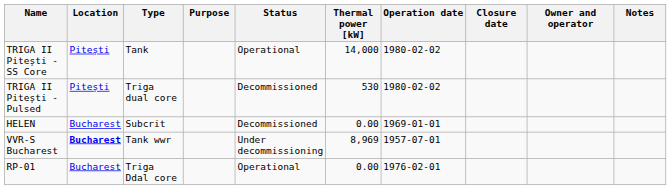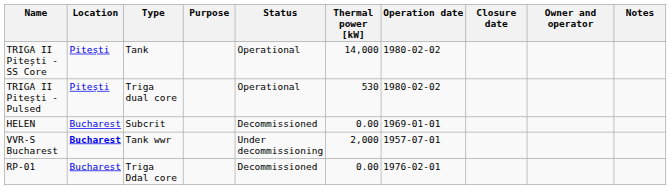 <table class="wikitable" >
 <tr valign="top">
 <th width="80">Name</th>
 <th width="65">Location</th>
 <th width="76">Type</th>
 <th width="65">Purpose</th>
 <th width="91">Status</th>
 <th width="70“">Thermal power [kW]</th>
 <th width=„67“>Operation date</th>
 <th width="78“">Closure date</th>
 <th width="113“">Owner and operator</th>
 <th width="65">Notes</th>
 </tr>
 <tr valign="top">
 <td>TRIGA II Pitești - SS Core</td>
 <td><a href='#'>Pitești</a></td>
 <td>Tank</td>
 <td></td>
 <td>Operational</td>
 <td align="right">14,000</td>
 <td>1980-02-02</td>
 <td></td>
 <td></td>
 <td></td>
 </tr>
 <tr valign="top">
 <td>TRIGA II Pitești - Pulsed</td>
 <td><a href='#'>Pitești</a></td>
 <td>Triga dual core</td>
 <td></td>
-<td>Decommissioned</td>
+<td>Operational</td>
 <td align="right">530</td>
 <td>1980-02-02</td>
 <td></td>
 <td></td>
 <td></td>
 </tr>
 <tr valign="top">
 <td>HELEN</td>
 <td><a href='#'>Bucharest</a></td>
 <td>Subcrit</td>
 <td></td>
 <td>Decommissioned</td>
 <td align="right">0.00</td>
 <td>1969-01-01</td>
 <td></td>
 <td></td>
 <td></td>
 </tr>
 <tr valign="top">
 <td>VVR-S Bucharest</td>
 <td><strong><a href='#'>Bucharest</a></strong></td>
 <td>Tank wwr</td>
 <td></td>
 <td>Under decommissioning</td>
-<td align="right">8,969</td>
+<td align="right">2,000</td>
 <td>1957-07-01</td>
 <td></td>
 <td></td>
 <td></td>
 </tr>
 <tr valign="top">
 <td>RP-01</td>
 <td><a href='#'>Bucharest</a></td>
 <td>Triga Ddal core</td>
 <td></td>
-<td>Operational</td>
+<td>Decommissioned</td>
 <td align="right">0.00</td>
 <td>1976-02-01</td>
 <td></td>
 <td></td>
 <td></td>
 </tr>
 </table>
